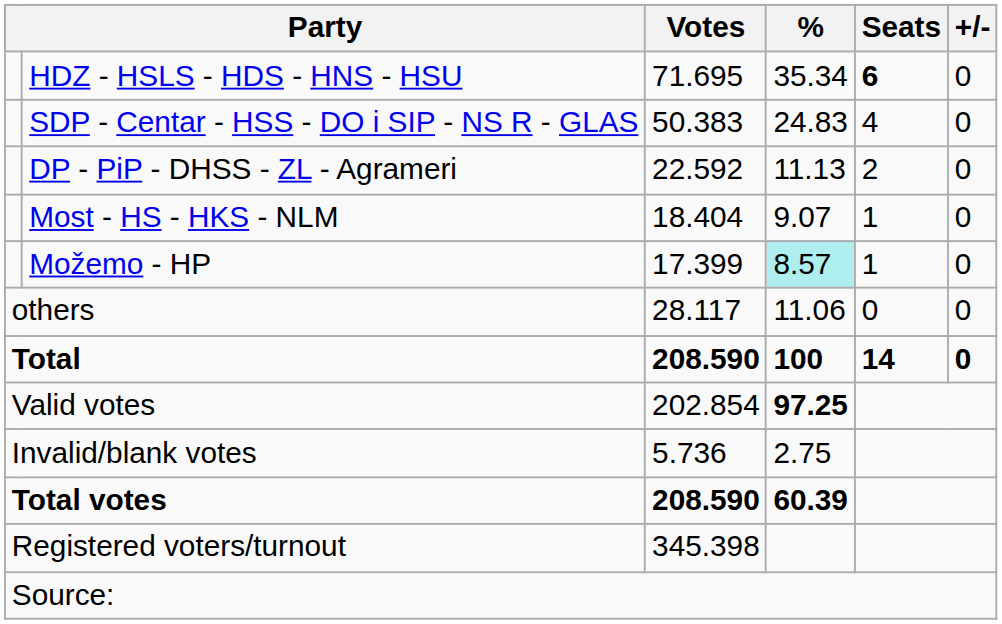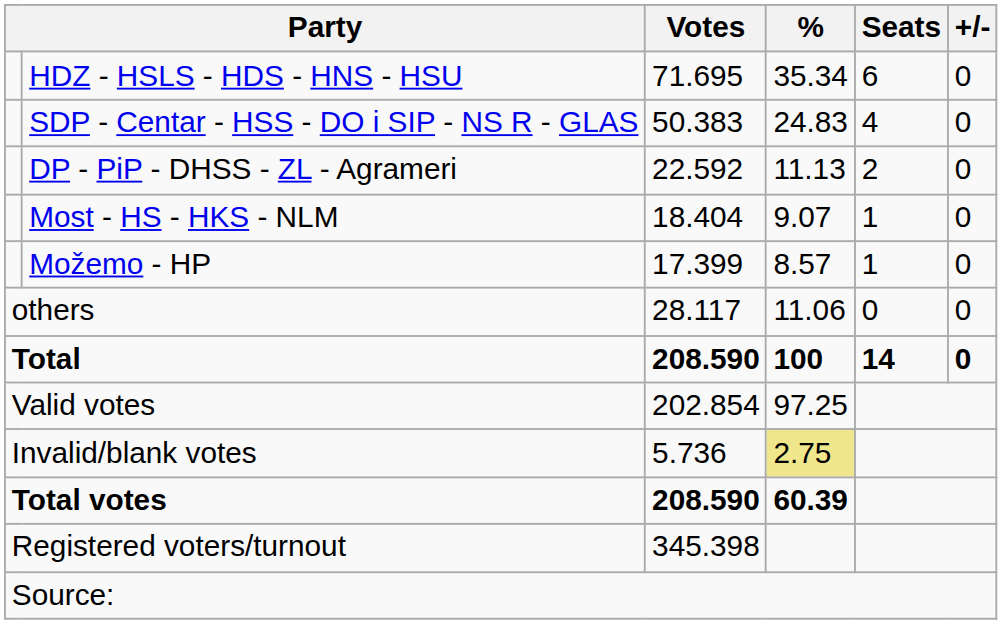 <table class="wikitable" style="text-align: left;">
 <tr>
 <th colspan="2">Party</th>
 <th>Votes</th>
 <th>%</th>
 <th>Seats</th>
 <th>+/-</th>
 </tr>
 <tr>
 <td width="2" style="background-color: "></td>
 <td><a href='#'>HDZ</a> - <a href='#'>HSLS</a> - <a href='#'>HDS</a> - <a href='#'>HNS</a> - <a href='#'>HSU</a></td>
 <td>71.695</td>
 <td>35.34</td>
-<td><strong>6</strong></td>
+<td>6</td>
 <td>0</td>
 </tr>
 <tr>
 <td style="background-color: "></td>
 <td><a href='#'>SDP</a> - <a href='#'>Centar</a> - <a href='#'>HSS</a> - <a href='#'>DO i SIP</a> - <a href='#'>NS R</a> - <a href='#'>GLAS</a></td>
 <td>50.383</td>
 <td>24.83</td>
 <td>4</td>
 <td>0</td>
 </tr>
 <tr>
 <td style="background-color: "></td>
 <td><a href='#'>DP</a> - <a href='#'>PiP</a> - DHSS - <a href='#'>ZL</a> - Agrameri</td>
 <td>22.592</td>
 <td>11.13</td>
 <td>2</td>
 <td>0</td>
 </tr>
 <tr>
 <td style="background-color: "></td>
 <td><a href='#'>Most</a> - <a href='#'>HS</a> - <a href='#'>HKS</a> - NLM</td>
 <td>18.404</td>
 <td>9.07</td>
 <td>1</td>
 <td>0</td>
 </tr>
 <tr>
 <td style="background-color: "></td>
 <td><a href='#'>Možemo</a> - HP</td>
 <td>17.399</td>
-<td style="background: paleturquoise;">8.57</td>
+<td>8.57</td>
 <td>1</td>
 <td>0</td>
 </tr>
 <tr>
 <td colspan="2">others</td>
 <td>28.117</td>
 <td>11.06</td>
 <td>0</td>
 <td>0</td>
 </tr>
 <tr>
 <td colspan="2"><strong>Total</strong></td>
 <td><strong>208.590</strong></td>
 <td><strong>100</strong></td>
 <td><strong>14</strong></td>
 <td><strong>0</strong></td>
 </tr>
 <tr>
 <td colspan="2">Valid votes</td>
 <td>202.854</td>
-<td><strong>97.25</strong></td>
+<td>97.25</td>
 <td colspan="2"></td>
 </tr>
 <tr>
 <td colspan="2">Invalid/blank votes</td>
 <td>5.736</td>
-<td>2.75</td>
+<td style="background: khaki;">2.75</td>
 <td colspan="2"></td>
 </tr>
 <tr>
 <td colspan="2"><strong>Total votes</strong></td>
 <td><strong>208.590</strong></td>
 <td><strong>60.39</strong></td>
 <td colspan="2"></td>
 </tr>
 <tr>
 <td colspan="2">Registered voters/turnout</td>
 <td votes14="5343">345.398</td>
 <td></td>
 <td colspan="2"></td>
 </tr>
 <tr>
 <td colspan="6">Source: </td>
 </tr>
 </table>
